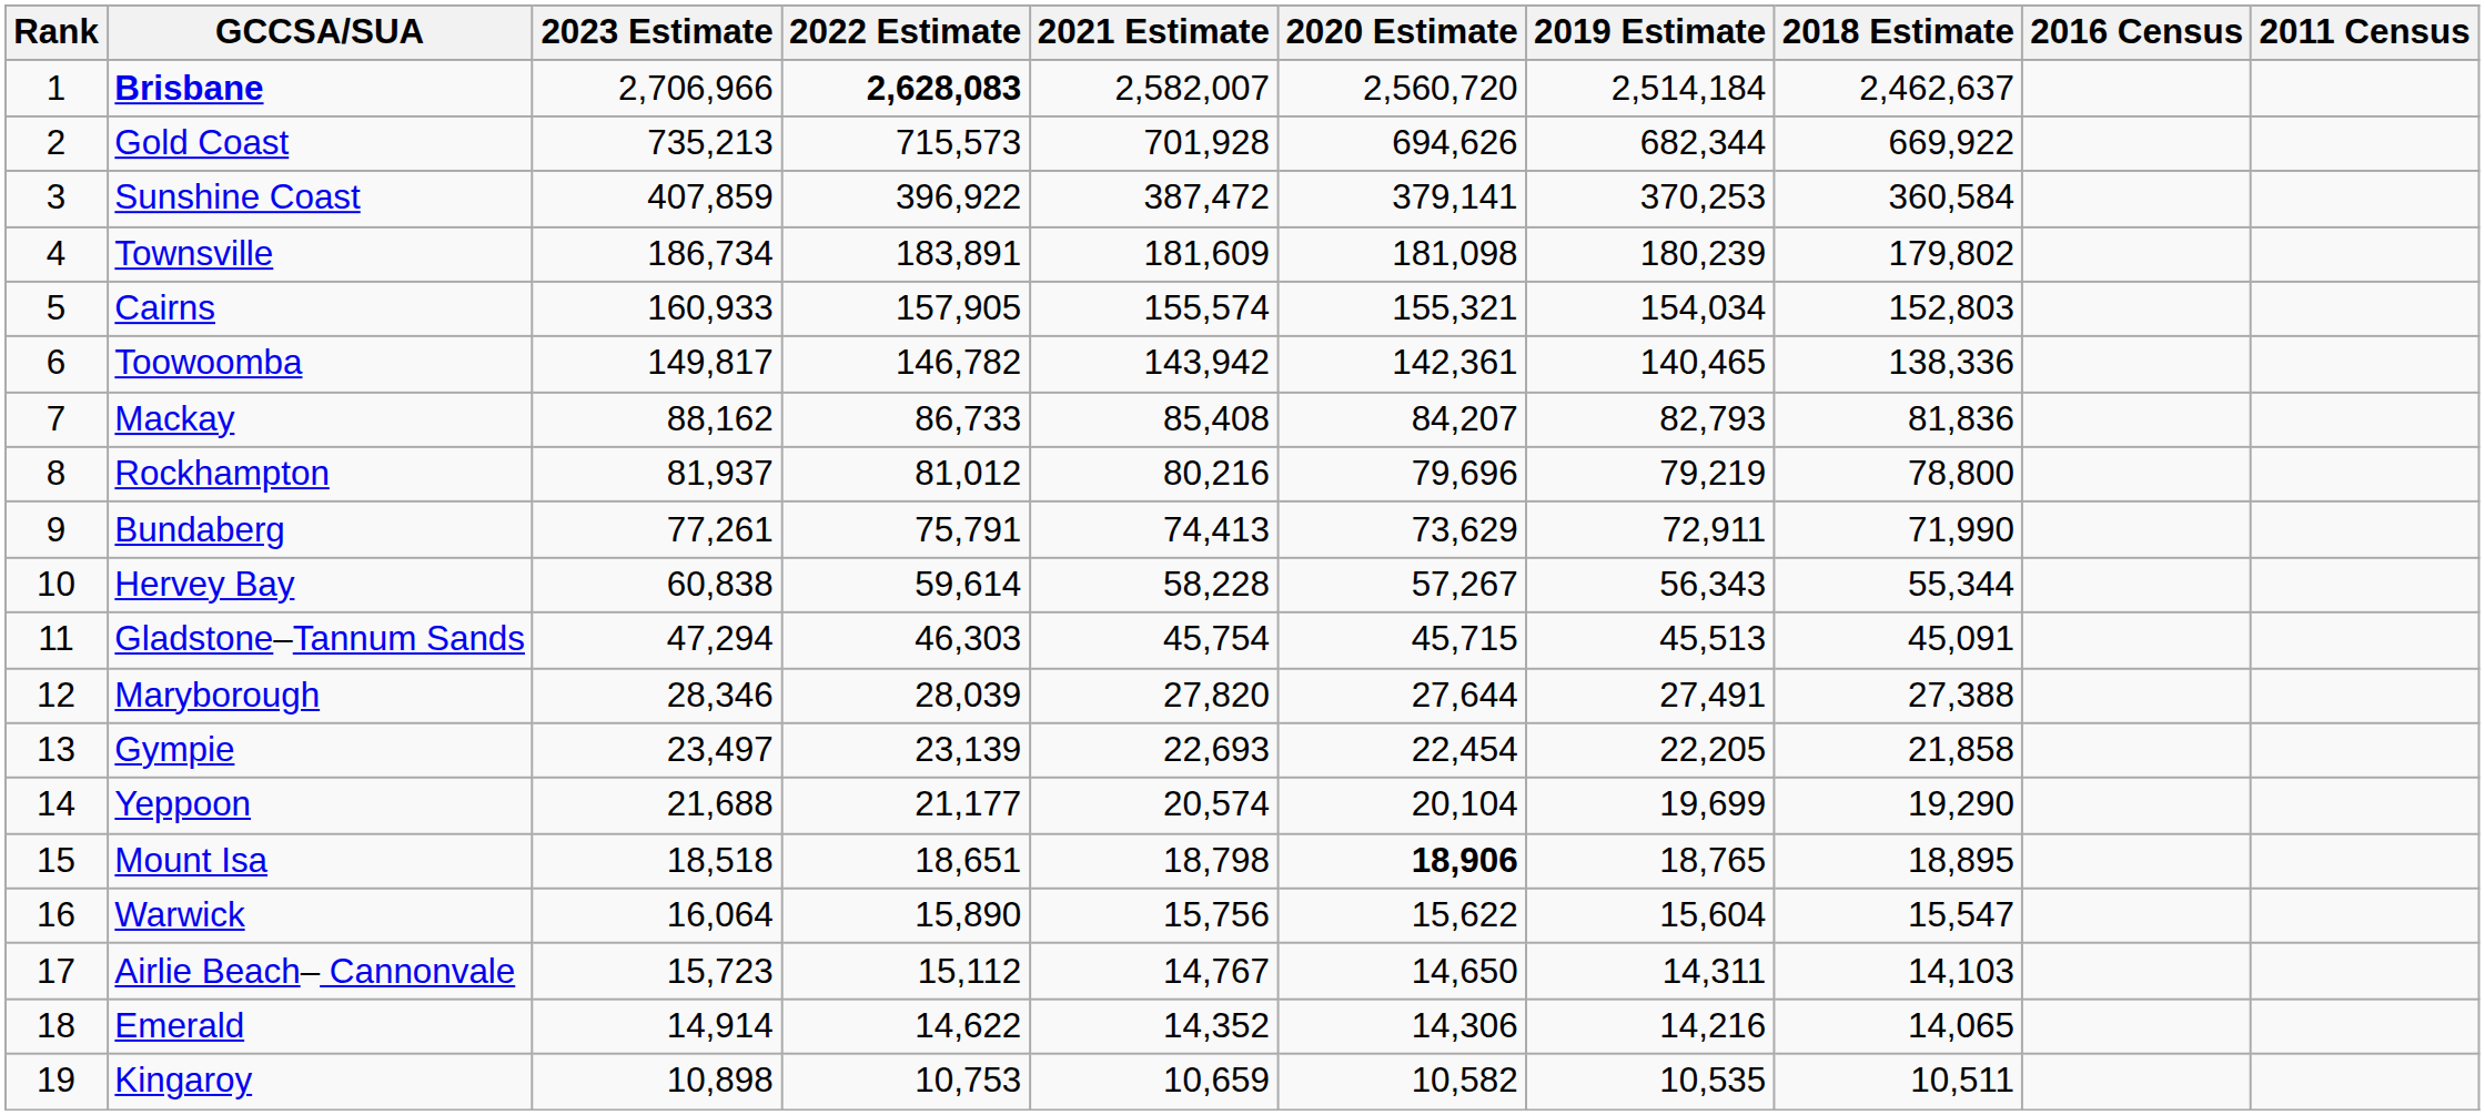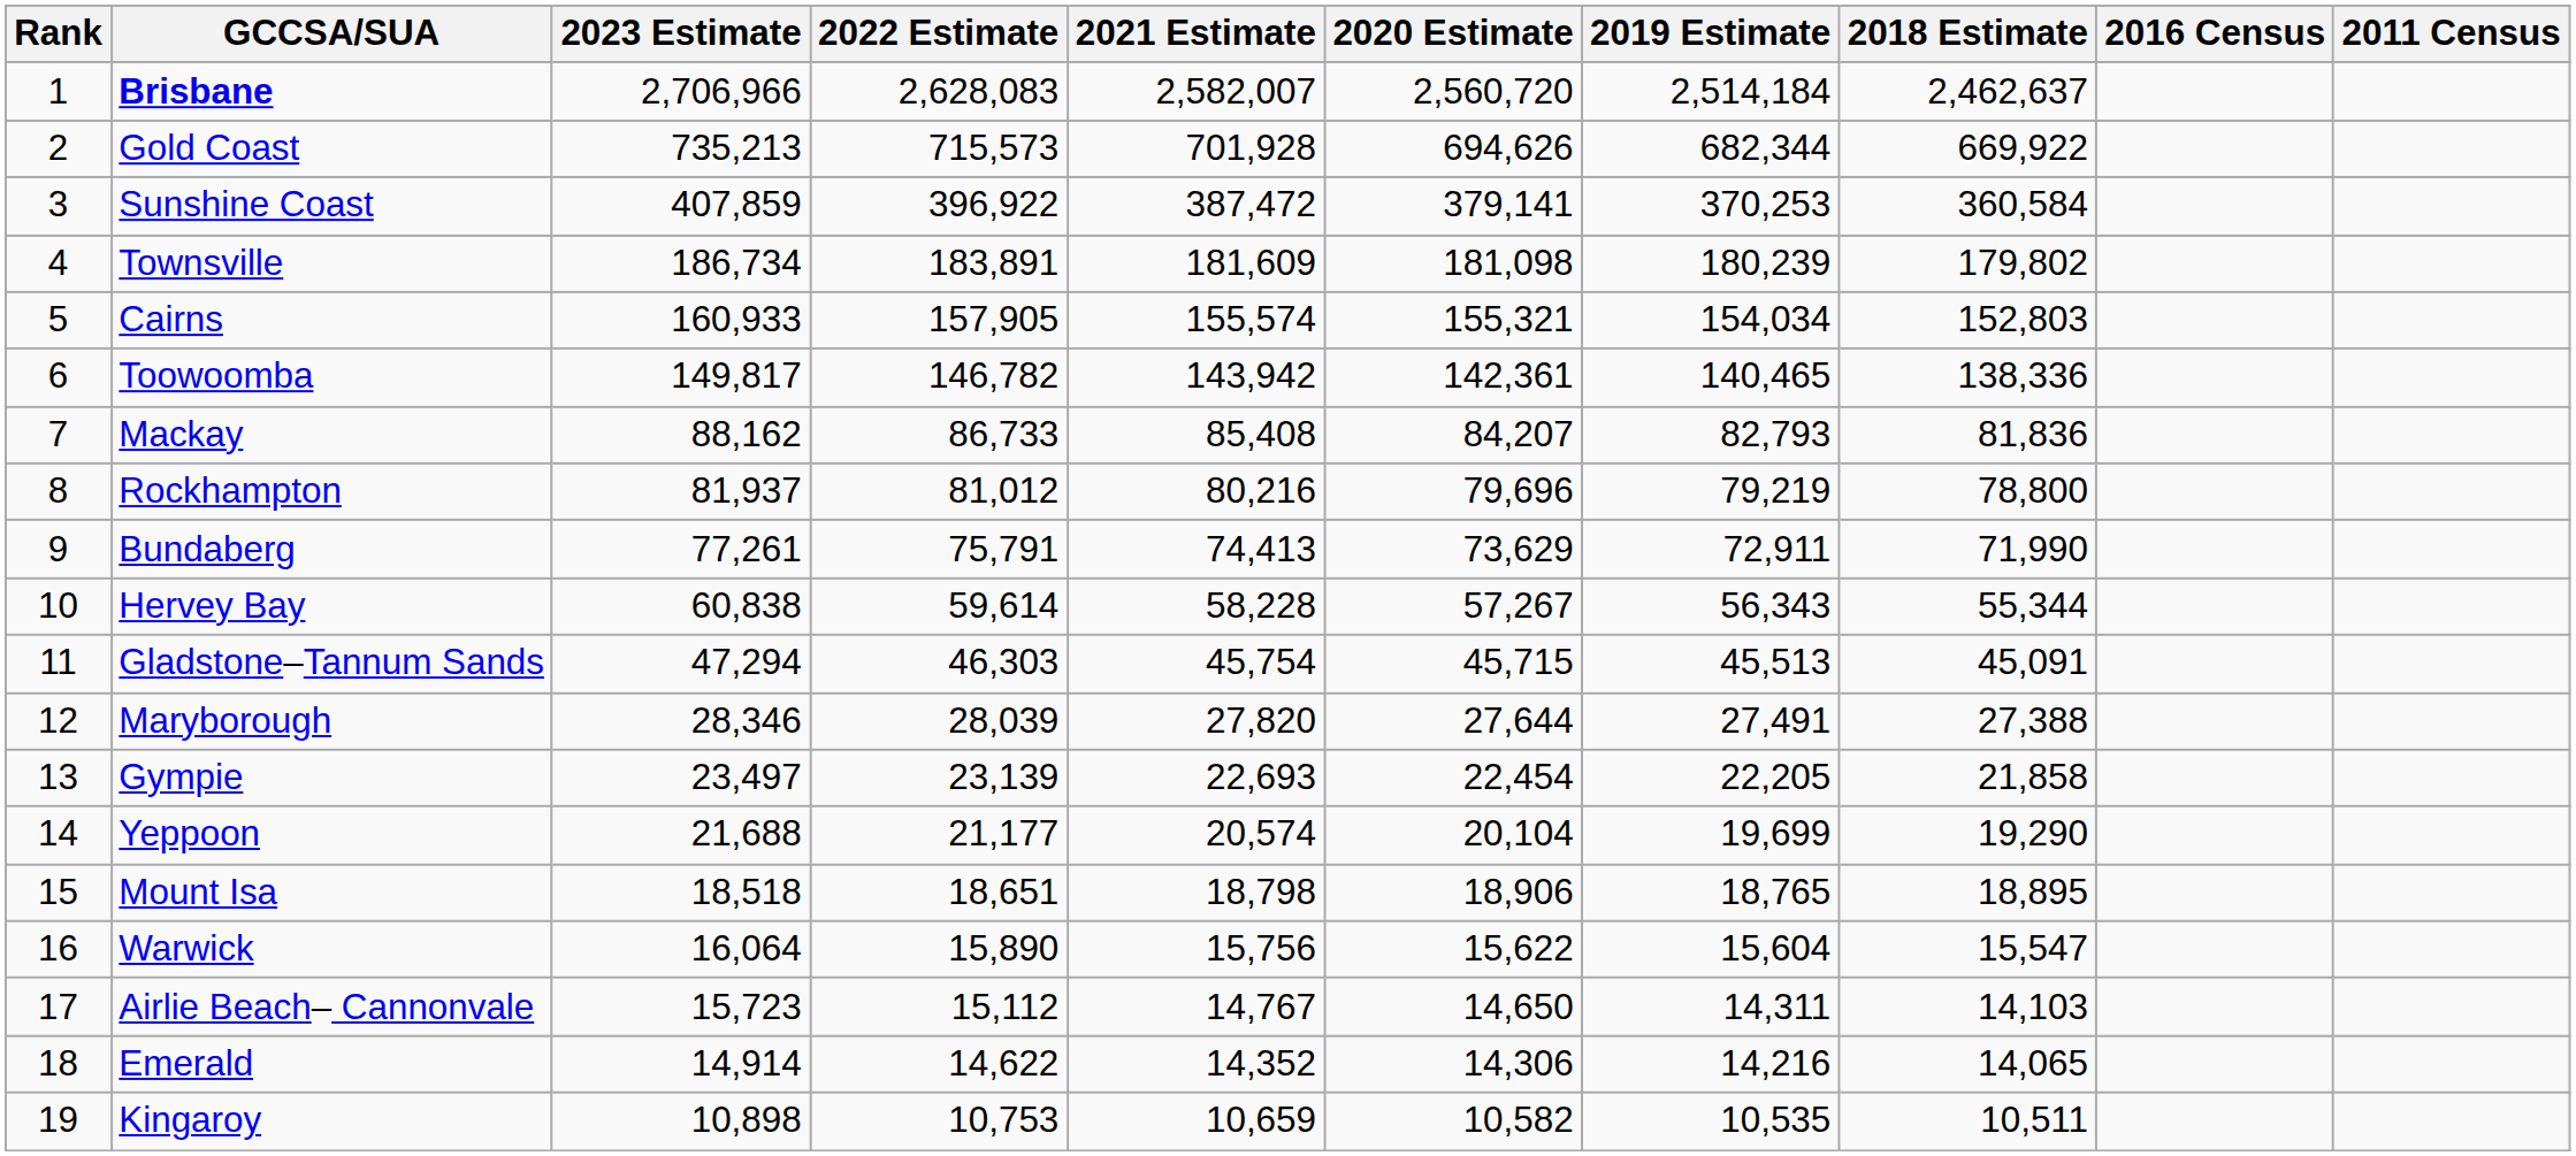 <table class="wikitable sortable plainrowheaders">
 <tr>
 <th scope="col">Rank</th>
 <th scope="col">GCCSA/SUA</th>
 <th scope="col">2023 Estimate</th>
 <th scope="col">2022 Estimate</th>
 <th scope="col">2021 Estimate</th>
 <th scope="col">2020 Estimate</th>
 <th scope="col">2019 Estimate</th>
 <th scope="col">2018 Estimate</th>
 <th>2016 Census</th>
 <th>2011 Census</th>
 </tr>
 <tr>
 <td scope="row" style="text-align:center">1</td>
 <td><strong><a href='#'>Brisbane</a></strong></td>
 <td style="text-align:right">2,706,966</td>
-<td style="text-align:right"><strong>2,628,083</strong></td>
+<td style="text-align:right">2,628,083</td>
 <td style="text-align:right">2,582,007</td>
 <td style="text-align:right">2,560,720</td>
 <td style="text-align:right">2,514,184</td>
 <td style="text-align:right">2,462,637</td>
 <td style="text-align:right"></td>
 <td style="text-align:right"></td>
 </tr>
 <tr>
 <td scope="row" style="text-align:center">2</td>
 <td><a href='#'>Gold Coast</a></td>
 <td style="text-align:right">735,213</td>
 <td style="text-align:right">715,573</td>
 <td style="text-align:right">701,928</td>
 <td style="text-align:right">694,626</td>
 <td style="text-align:right">682,344</td>
 <td style="text-align:right">669,922</td>
 <td style="text-align:right"></td>
 <td style="text-align:right"></td>
 </tr>
 <tr>
 <td scope="row" style="text-align:center">3</td>
 <td><a href='#'>Sunshine Coast</a></td>
 <td style="text-align:right">407,859</td>
 <td style="text-align:right">396,922</td>
 <td style="text-align:right">387,472</td>
 <td style="text-align:right">379,141</td>
 <td style="text-align:right">370,253</td>
 <td style="text-align:right">360,584</td>
 <td style="text-align:right"></td>
 <td style="text-align:right"></td>
 </tr>
 <tr>
 <td scope="row" style="text-align:center">4</td>
 <td><a href='#'>Townsville</a></td>
 <td style="text-align:right">186,734</td>
 <td style="text-align:right">183,891</td>
 <td style="text-align:right">181,609</td>
 <td style="text-align:right">181,098</td>
 <td style="text-align:right">180,239</td>
 <td style="text-align:right">179,802</td>
 <td style="text-align:right"></td>
 <td style="text-align:right"></td>
 </tr>
 <tr>
 <td scope="row" style="text-align:center">5</td>
 <td><a href='#'>Cairns</a></td>
 <td style="text-align:right">160,933</td>
 <td style="text-align:right">157,905</td>
 <td style="text-align:right">155,574</td>
 <td style="text-align:right">155,321</td>
 <td style="text-align:right">154,034</td>
 <td style="text-align:right">152,803</td>
 <td style="text-align:right"></td>
 <td style="text-align:right"></td>
 </tr>
 <tr>
 <td scope="row" style="text-align:center">6</td>
 <td><a href='#'>Toowoomba</a></td>
 <td style="text-align:right">149,817</td>
 <td style="text-align:right">146,782</td>
 <td style="text-align:right">143,942</td>
 <td style="text-align:right">142,361</td>
 <td style="text-align:right">140,465</td>
 <td style="text-align:right">138,336</td>
 <td style="text-align:right"></td>
 <td style="text-align:right"></td>
 </tr>
 <tr>
 <td scope="row" style="text-align:center">7</td>
 <td><a href='#'>Mackay</a></td>
 <td style="text-align:right">88,162</td>
 <td style="text-align:right">86,733</td>
 <td style="text-align:right">85,408</td>
 <td style="text-align:right">84,207</td>
 <td style="text-align:right">82,793</td>
 <td style="text-align:right">81,836</td>
 <td style="text-align:right"></td>
 <td style="text-align:right"></td>
 </tr>
 <tr>
 <td scope="row" style="text-align:center">8</td>
 <td><a href='#'>Rockhampton</a></td>
 <td style="text-align:right">81,937</td>
 <td style="text-align:right">81,012</td>
 <td style="text-align:right">80,216</td>
 <td style="text-align:right">79,696</td>
 <td style="text-align:right">79,219</td>
 <td style="text-align:right">78,800</td>
 <td style="text-align:right"></td>
 <td style="text-align:right"></td>
 </tr>
 <tr>
 <td scope="row" style="text-align:center">9</td>
 <td><a href='#'>Bundaberg</a></td>
 <td style="text-align:right">77,261</td>
 <td style="text-align:right">75,791</td>
 <td style="text-align:right">74,413</td>
 <td style="text-align:right">73,629</td>
 <td style="text-align:right">72,911</td>
 <td style="text-align:right">71,990</td>
 <td style="text-align:right"></td>
 <td style="text-align:right"></td>
 </tr>
 <tr>
 <td scope="row" style="text-align:center">10</td>
 <td><a href='#'>Hervey Bay</a></td>
 <td style="text-align:right">60,838</td>
 <td style="text-align:right">59,614</td>
 <td style="text-align:right">58,228</td>
 <td style="text-align:right">57,267</td>
 <td style="text-align:right">56,343</td>
 <td style="text-align:right">55,344</td>
 <td style="text-align:right"></td>
 <td style="text-align:right"></td>
 </tr>
 <tr>
 <td scope="row" style="text-align:center">11</td>
 <td><a href='#'>Gladstone</a>–<a href='#'>Tannum Sands</a></td>
 <td style="text-align:right">47,294</td>
 <td style="text-align:right">46,303</td>
 <td style="text-align:right">45,754</td>
 <td style="text-align:right">45,715</td>
 <td style="text-align:right">45,513</td>
 <td style="text-align:right">45,091</td>
 <td style="text-align:right"></td>
 <td style="text-align:right"></td>
 </tr>
 <tr>
 <td scope="row" style="text-align:center">12</td>
 <td><a href='#'>Maryborough</a></td>
 <td style="text-align:right">28,346</td>
 <td style="text-align:right">28,039</td>
 <td style="text-align:right">27,820</td>
 <td style="text-align:right">27,644</td>
 <td style="text-align:right">27,491</td>
 <td style="text-align:right">27,388</td>
 <td style="text-align:right"></td>
 <td style="text-align:right"></td>
 </tr>
 <tr>
 <td scope="row" style="text-align:center">13</td>
 <td><a href='#'>Gympie</a></td>
 <td style="text-align:right">23,497</td>
 <td style="text-align:right">23,139</td>
 <td style="text-align:right">22,693</td>
 <td style="text-align:right">22,454</td>
 <td style="text-align:right">22,205</td>
 <td style="text-align:right">21,858</td>
 <td style="text-align:right"></td>
 <td style="text-align:right"></td>
 </tr>
 <tr>
 <td scope="row" style="text-align:center">14</td>
 <td><a href='#'>Yeppoon</a></td>
 <td style="text-align:right">21,688</td>
 <td style="text-align:right">21,177</td>
 <td style="text-align:right">20,574</td>
 <td style="text-align:right">20,104</td>
 <td style="text-align:right">19,699</td>
 <td style="text-align:right">19,290</td>
 <td style="text-align:right"></td>
 <td style="text-align:right"></td>
 </tr>
 <tr>
 <td scope="row" style="text-align:center">15</td>
 <td><a href='#'>Mount Isa</a></td>
 <td style="text-align:right">18,518</td>
 <td style="text-align:right">18,651</td>
 <td style="text-align:right">18,798</td>
-<td style="text-align:right"><strong>18,906</strong></td>
+<td style="text-align:right">18,906</td>
 <td style="text-align:right">18,765</td>
 <td style="text-align:right">18,895</td>
 <td style="text-align:right"></td>
 <td style="text-align:right"></td>
 </tr>
 <tr>
 <td scope="row" style="text-align:center">16</td>
 <td><a href='#'>Warwick</a></td>
 <td style="text-align:right">16,064</td>
 <td style="text-align:right">15,890</td>
 <td style="text-align:right">15,756</td>
 <td style="text-align:right">15,622</td>
 <td style="text-align:right">15,604</td>
 <td style="text-align:right">15,547</td>
 <td style="text-align:right"></td>
 <td style="text-align:right"></td>
 </tr>
 <tr>
 <td scope="row" style="text-align:center">17</td>
 <td><a href='#'> Airlie Beach</a>–<a href='#'> Cannonvale</a></td>
 <td style="text-align:right">15,723</td>
 <td style="text-align:right">15,112</td>
 <td style="text-align:right">14,767</td>
 <td style="text-align:right">14,650</td>
 <td style="text-align:right">14,311</td>
 <td style="text-align:right">14,103</td>
 <td style="text-align:right"></td>
 <td style="text-align:right"></td>
 </tr>
 <tr>
 <td scope="row" style="text-align:center">18</td>
 <td><a href='#'>Emerald</a></td>
 <td style="text-align:right">14,914</td>
 <td style="text-align:right">14,622</td>
 <td style="text-align:right">14,352</td>
 <td style="text-align:right">14,306</td>
 <td style="text-align:right">14,216</td>
 <td style="text-align:right">14,065</td>
 <td style="text-align:right"></td>
 <td style="text-align:right"></td>
 </tr>
 <tr>
 <td scope="row" style="text-align:center">19</td>
 <td><a href='#'>Kingaroy</a></td>
 <td style="text-align:right">10,898</td>
 <td style="text-align:right">10,753</td>
 <td style="text-align:right">10,659</td>
 <td style="text-align:right">10,582</td>
 <td style="text-align:right">10,535</td>
 <td style="text-align:right">10,511</td>
 <td style="text-align:right"></td>
 <td style="text-align:right"></td>
 </tr>
 <tr>
 </tr>
 </table>
